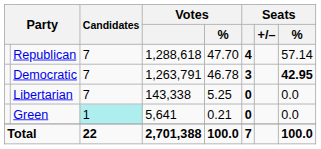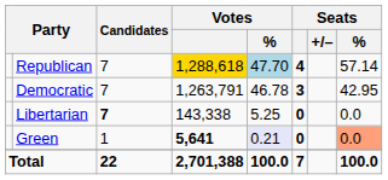 <table class="wikitable" style="font-size: 95%;">
 <tr>
 <th colspan="2" rowspan="2">Party</th>
 <th rowspan="2"><small>Candi</small><small>dates</small></th>
 <th colspan="2">Votes</th>
 <th colspan="3">Seats</th>
 </tr>
 <tr>
 <th></th>
 <th>%</th>
 <th></th>
 <th>+/–</th>
 <th>%</th>
 </tr>
 <tr>
 <td style="background:"></td>
 <td align="left"><a href='#'>Republican</a></td>
 <td>7</td>
-<td>1,288,618</td>
-<td>47.70</td>
+<td style="background: gold;">1,288,618</td>
+<td style="background: lightblue;">47.70</td>
 <td><strong>4</strong></td>
 <td></td>
 <td>57.14</td>
 </tr>
 <tr>
 <td style="background:"></td>
 <td align="left"><a href='#'>Democratic</a></td>
 <td>7</td>
 <td>1,263,791</td>
 <td>46.78</td>
 <td><strong>3</strong></td>
 <td></td>
-<td><strong>42.95</strong></td>
+<td>42.95</td>
 </tr>
 <tr>
 <td style="background:"></td>
 <td align="left"><a href='#'>Libertarian</a></td>
-<td>7</td>
+<td><strong>7</strong></td>
 <td>143,338</td>
 <td>5.25</td>
 <td><strong>0</strong></td>
 <td></td>
 <td>0.0</td>
 </tr>
 <tr>
 <td style="background:"></td>
 <td align="left"><a href='#'>Green</a></td>
-<td style="background: paleturquoise;">1</td>
-<td>5,641</td>
-<td>0.21</td>
+<td>1</td>
+<td><strong>5,641</strong></td>
+<td style="background: lavender;">0.21</td>
 <td><strong>0</strong></td>
 <td></td>
-<td>0.0</td>
+<td style="background: lightsalmon;">0.0</td>
 </tr>
 <tr>
 </tr>
 <tr style="font-weight:bold">
 <td colspan="2" align="left">Total</td>
 <td>22</td>
 <td>2,701,388</td>
 <td>100.0</td>
 <td>7</td>
 <td></td>
 <td>100.0</td>
 </tr>
 </table>
